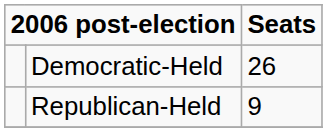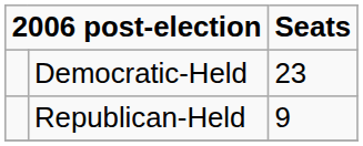 <table class="wikitable">
 <tr>
 <td colspan="2" rowspan="1" align="center" valign="top"><strong>2006 post-election</strong></td>
 <td style="vertical-align:top;"><strong>Seats</strong><br></td>
 </tr>
 <tr>
 <td style="background-color:"> </td>
 <td>Democratic-Held</td>
-<td>26</td>
+<td>23</td>
 </tr>
 <tr>
 <td style="background-color:"> </td>
 <td>Republican-Held</td>
 <td>9</td>
 </tr>
 <tr>
 </tr>
 </table>
